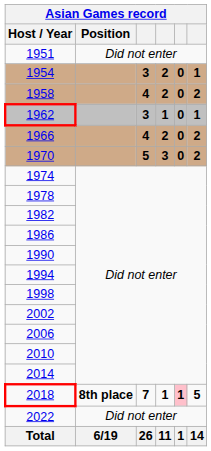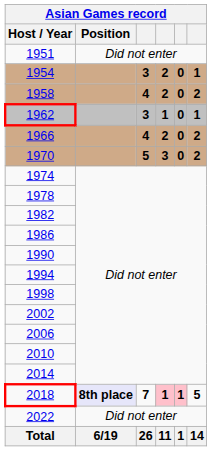 <table class="wikitable" style="text-align: center;">
 <tr>
 <th colspan=9><a href='#'>Asian Games record</a></th>
 </tr>
 <tr>
 <th>Host / Year</th>
 <th>Position</th>
 <th></th>
 <th></th>
 <th></th>
 <th></th>
 </tr>
 <tr>
 <td> <a href='#'>1951</a></td>
 <td colspan=9><em>Did not enter</em></td>
 </tr>
 <tr bgcolor=#CFAA88>
 <td> <a href='#'>1954</a></td>
 <td></td>
 <td><strong>3</strong></td>
 <td><strong>2</strong></td>
 <td><strong>0</strong></td>
 <td><strong>1</strong></td>
 </tr>
 <tr bgcolor=#CFAA88>
 <td> <a href='#'>1958</a></td>
 <td></td>
 <td><strong>4</strong></td>
 <td><strong>2</strong></td>
 <td><strong>0</strong></td>
 <td><strong>2</strong></td>
 </tr>
 <tr bgcolor=silver>
 <td style="border: 3px solid red"> <a href='#'>1962</a></td>
 <td></td>
 <td><strong>3</strong></td>
 <td><strong>1</strong></td>
 <td><strong>0</strong></td>
 <td><strong>1</strong></td>
 </tr>
 <tr bgcolor=#CFAA88>
 <td> <a href='#'>1966</a></td>
 <td></td>
 <td><strong>4</strong></td>
 <td><strong>2</strong></td>
 <td><strong>0</strong></td>
 <td><strong>2</strong></td>
 </tr>
 <tr bgcolor=#CFAA88>
 <td> <a href='#'>1970</a></td>
 <td></td>
 <td><strong>5</strong></td>
 <td><strong>3</strong></td>
 <td><strong>0</strong></td>
 <td><strong>2</strong></td>
 </tr>
 <tr>
 <td> <a href='#'>1974</a></td>
 <td colspan=11 rowspan="11"><em>Did not enter</em></td>
 </tr>
 <tr>
 <td> <a href='#'>1978</a></td>
 </tr>
 <tr>
 <td> <a href='#'>1982</a></td>
 </tr>
 <tr>
 <td> <a href='#'>1986</a></td>
 </tr>
 <tr>
 <td> <a href='#'>1990</a></td>
 </tr>
 <tr>
 <td> <a href='#'>1994</a></td>
 </tr>
 <tr>
 <td> <a href='#'>1998</a></td>
 </tr>
 <tr>
 <td> <a href='#'>2002</a></td>
 </tr>
 <tr>
 <td> <a href='#'>2006</a></td>
 </tr>
 <tr>
 <td> <a href='#'>2010</a></td>
 </tr>
 <tr>
 <td> <a href='#'>2014</a></td>
 </tr>
 <tr>
 <td style="border: 3px solid red"> <a href='#'>2018</a></td>
-<td><strong>8th place</strong></td>
+<td style="background: lavender;"><strong>8th place</strong></td>
 <td><strong>7</strong></td>
-<td><strong>1</strong></td>
+<td style="background: pink;"><strong>1</strong></td>
 <td style="background: pink;"><strong>1</strong></td>
 <td><strong>5</strong></td>
 </tr>
 <tr>
 <td> <a href='#'>2022</a></td>
 <td colspan=8><em>Did not enter</em></td>
 </tr>
 <tr>
 <th>Total</th>
 <th>6/19</th>
 <th>26</th>
 <th>11</th>
 <th>1</th>
 <th>14</th>
 </tr>
 </table>
